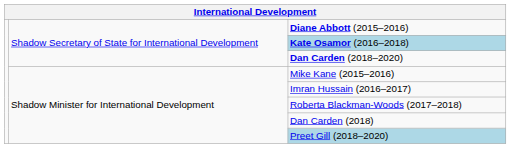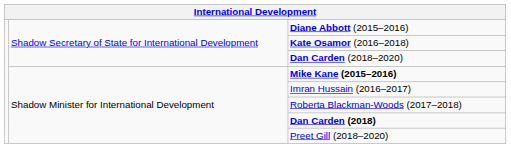 <table class="wikitable">
 <tr>
 <th colspan="3"><a href='#'>International Development</a></th>
 </tr>
 <tr>
 <td rowspan="8" style="background: "></td>
 <td rowspan="3" style="width: 450px;"><a href='#'>Shadow Secretary of State for International Development</a></td>
 <td style="width: 350px;"><strong><a href='#'>Diane Abbott</a></strong> (2015–2016)</td>
 </tr>
 <tr>
-<td style="background: lightblue;"><strong><a href='#'>Kate Osamor</a></strong> (2016–2018)</td>
+<td><strong><a href='#'>Kate Osamor</a></strong> (2016–2018)</td>
 </tr>
 <tr>
 <td><strong><a href='#'>Dan Carden</a></strong> (2018–2020)</td>
 </tr>
 <tr>
 <td rowspan="5">Shadow Minister for International Development</td>
-<td><a href='#'>Mike Kane</a> (2015–2016)</td>
+<td><strong><a href='#'>Mike Kane</a> (2015–2016)</strong></td>
 </tr>
 <tr>
 <td><a href='#'>Imran Hussain</a> (2016–2017)</td>
 </tr>
 <tr>
 <td><a href='#'>Roberta Blackman-Woods</a> (2017–2018)</td>
 </tr>
 <tr>
-<td><a href='#'>Dan Carden</a> (2018)</td>
+<td><strong><a href='#'>Dan Carden</a> (2018)</strong></td>
 </tr>
 <tr>
-<td style="background: lightblue;"><a href='#'>Preet Gill</a> (2018–2020)</td>
+<td><a href='#'>Preet Gill</a> (2018–2020)</td>
 </tr>
 </table>
